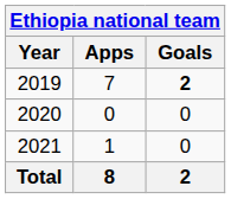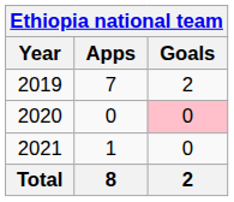 <table class="wikitable" style="text-align:center">
 <tr>
 <th colspan=3><a href='#'>Ethiopia national team</a></th>
 </tr>
 <tr>
 <th>Year</th>
 <th>Apps</th>
 <th>Goals</th>
 </tr>
 <tr>
 <td>2019</td>
 <td>7</td>
-<td><strong>2</strong></td>
+<td>2</td>
 </tr>
 <tr>
 <td>2020</td>
 <td>0</td>
-<td>0</td>
+<td style="background: pink;">0</td>
 </tr>
 <tr>
 <td>2021</td>
 <td>1</td>
 <td>0</td>
 </tr>
 <tr>
 <th>Total</th>
 <th>8</th>
 <th>2</th>
 </tr>
 </table>
